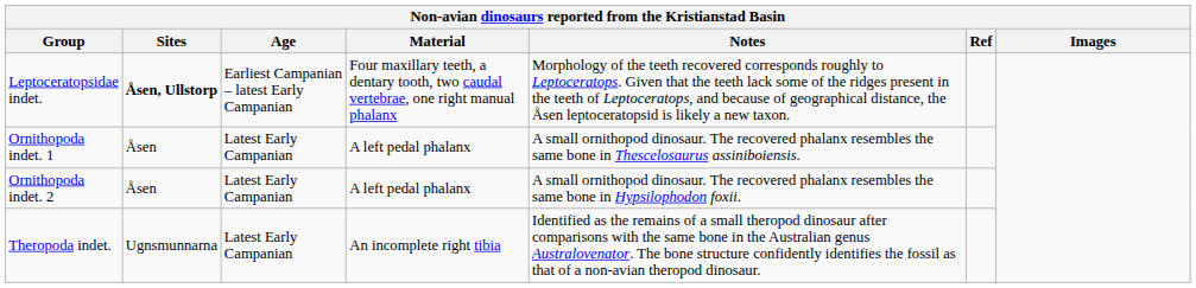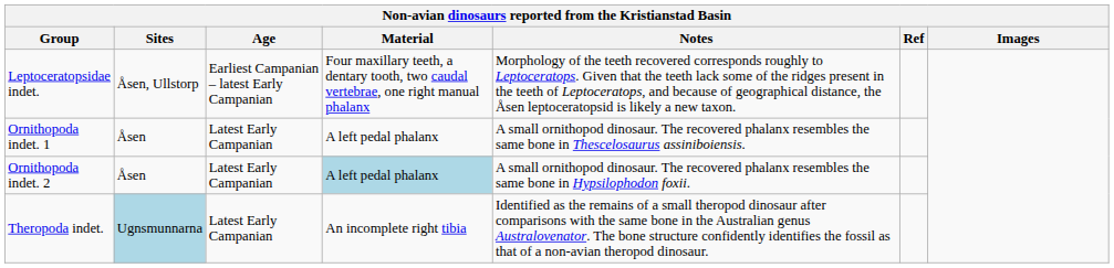 <table class="wikitable sortable mw-collapsible" style="width:100%">
 <tr>
 <th colspan="7" style="text-align:center;"><strong>Non-avian <a href='#'>dinosaurs</a> reported from the Kristianstad Basin</strong></th>
 </tr>
 <tr>
 <th width="100px">Group</th>
 <th>Sites</th>
 <th>Age</th>
 <th>Material</th>
 <th>Notes</th>
 <th>Ref</th>
 <th width="200px">Images</th>
 </tr>
 <tr>
 <td><a href='#'>Leptoceratopsidae</a> indet.</td>
-<td><strong>Åsen, Ullstorp</strong></td>
+<td>Åsen, Ullstorp</td>
 <td>Earliest Campanian – latest Early Campanian</td>
 <td>Four maxillary teeth, a dentary tooth, two <a href='#'>caudal vertebrae</a>, one right manual <a href='#'>phalanx</a></td>
 <td>Morphology of the teeth recovered corresponds roughly to <em><a href='#'>Leptoceratops</a></em>. Given that the teeth lack some of the ridges present in the teeth of <em>Leptoceratops</em>, and because of geographical distance, the Åsen leptoceratopsid is likely a new taxon.</td>
 <td></td>
 <td rowspan="4"><br> </td>
 </tr>
 <tr>
 <td><a href='#'>Ornithopoda</a> indet. 1</td>
 <td>Åsen</td>
 <td>Latest Early Campanian</td>
 <td>A left pedal phalanx</td>
 <td>A small ornithopod dinosaur. The recovered phalanx resembles the same bone in <em><a href='#'>Thescelosaurus</a> assiniboiensis</em>.</td>
 <td></td>
 </tr>
 <tr>
 <td><a href='#'>Ornithopoda</a> indet. 2</td>
 <td>Åsen</td>
 <td>Latest Early Campanian</td>
-<td>A left pedal phalanx</td>
+<td style="background: lightblue;">A left pedal phalanx</td>
 <td>A small ornithopod dinosaur. The recovered phalanx resembles the same bone in <em><a href='#'>Hypsilophodon</a> foxii</em>.</td>
 <td></td>
 </tr>
 <tr>
 <td><a href='#'>Theropoda</a> indet.</td>
-<td>Ugnsmunnarna</td>
+<td style="background: lightblue;">Ugnsmunnarna</td>
 <td>Latest Early Campanian</td>
 <td>An incomplete right <a href='#'>tibia</a></td>
 <td>Identified as the remains of a small theropod dinosaur after comparisons with the same bone in the Australian genus <em><a href='#'>Australovenator</a></em>. The bone structure confidently identifies the fossil as that of a non-avian theropod dinosaur.</td>
 <td></td>
 </tr>
 </table>
